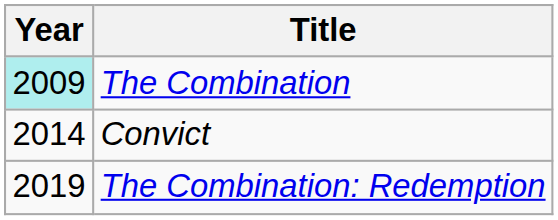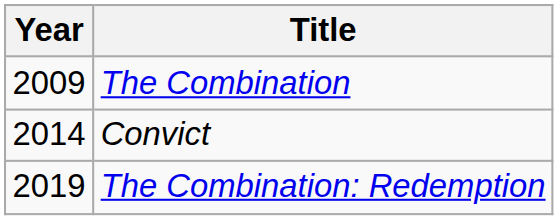 <table class="wikitable">
 <tr>
 <th>Year</th>
 <th>Title</th>
 </tr>
 <tr>
-<td style="background: paleturquoise;">2009</td>
+<td>2009</td>
 <td><em><a href='#'>The Combination</a></em></td>
 </tr>
 <tr>
 <td>2014</td>
 <td><em>Convict</em></td>
 </tr>
 <tr>
 <td>2019</td>
 <td><em><a href='#'>The Combination: Redemption</a></em></td>
 </tr>
 </table>
